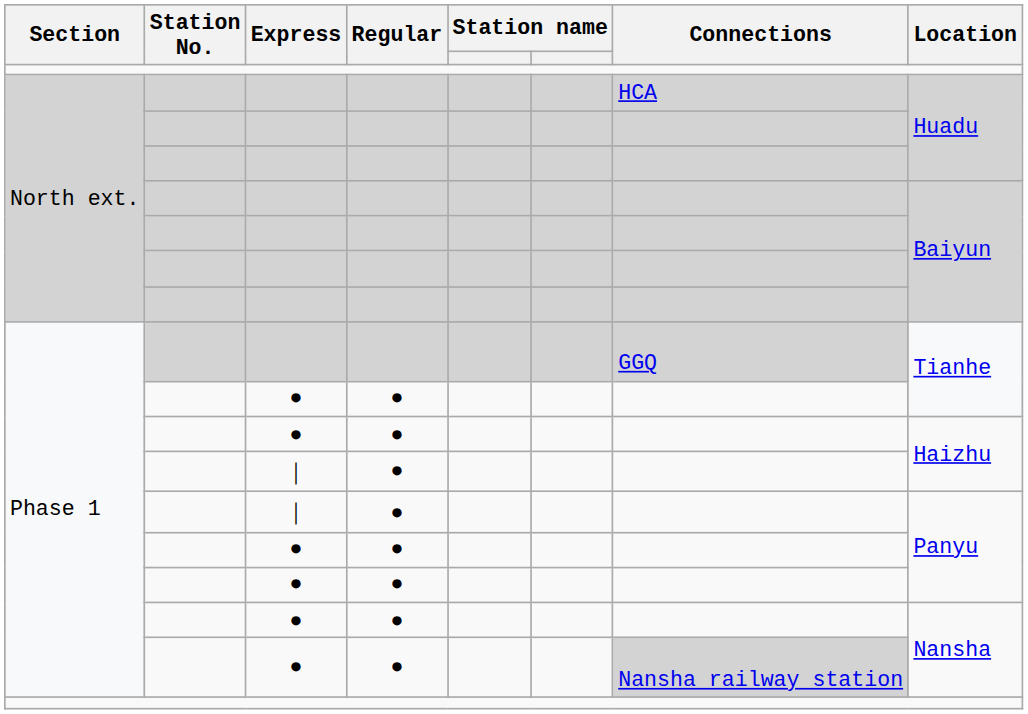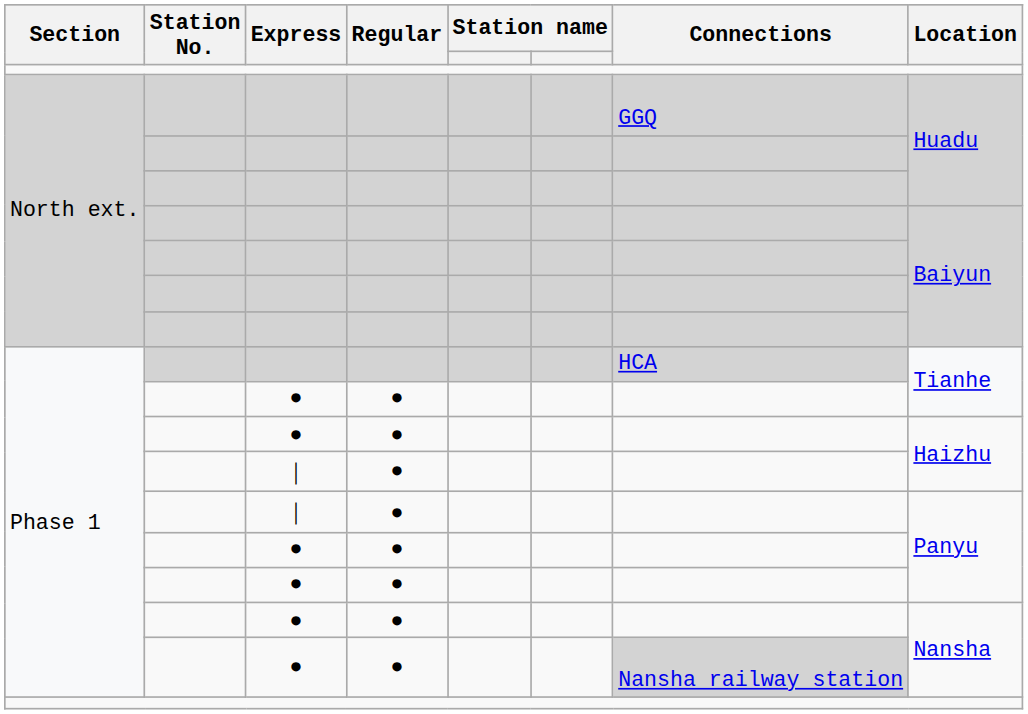 <table class="wikitable">
 <tr>
 <th rowspan="2">Section</th>
 <th rowspan="2">Station<br>No.</th>
 <th rowspan="2">Express</th>
 <th rowspan="2">Regular<br></th>
 <th colspan="2">Station name</th>
 <th rowspan="2">Connections<br></th>
 <th rowspan="2">Location</th>
 </tr>
 <tr>
 <th></th>
 <th></th>
 </tr>
 <tr style="background:#">
 <td colspan="12"></td>
 </tr>
 <tr bgcolor="lightgrey">
 <td rowspan="7">North ext.</td>
 <td></td>
 <td align="center"></td>
 <td align="center"><br> </td>
 <td></td>
 <td></td>
-<td> <a href='#'>HCA</a> <br> </td>
+<td>     <br> <a href='#'>GGQ</a><br> </td>
 <td rowspan="3"><a href='#'>Huadu</a></td>
 </tr>
 <tr bgcolor="lightgrey">
 <td></td>
 <td align="center"></td>
 <td align="center"><br> </td>
 <td></td>
 <td></td>
 <td> <br> </td>
 </tr>
 <tr bgcolor="lightgrey">
 <td></td>
 <td align="center"></td>
 <td align="center"><br> </td>
 <td></td>
 <td><br> </td>
 <td></td>
 </tr>
 <tr bgcolor="lightgrey">
 <td></td>
 <td align="center"></td>
 <td align="center"><br> </td>
 <td></td>
 <td></td>
 <td><br> </td>
 <td rowspan="4"><a href='#'>Baiyun</a></td>
 </tr>
 <tr bgcolor="lightgrey">
 <td></td>
 <td align="center"></td>
 <td align="center"><br> </td>
 <td></td>
 <td></td>
 <td><br> </td>
 </tr>
 <tr bgcolor="lightgrey">
 <td></td>
 <td align="center"></td>
 <td align="center"><br> </td>
 <td></td>
 <td></td>
 <td> <br> </td>
 </tr>
 <tr bgcolor="lightgrey">
 <td></td>
 <td align="center"></td>
 <td align="center"><br> </td>
 <td></td>
 <td></td>
 <td><br> </td>
 </tr>
 <tr bgcolor="lightgrey">
 <td bgcolor="F8F9FA" rowspan="9">Phase 1</td>
 <td></td>
 <td align="center"></td>
 <td align="center"><br> </td>
 <td></td>
 <td></td>
-<td>     <br> <a href='#'>GGQ</a><br> </td>
+<td> <a href='#'>HCA</a> <br> </td>
 <td bgcolor="F8F9FA" rowspan="2"><a href='#'>Tianhe</a></td>
 </tr>
 <tr>
 <td></td>
 <td align="center">●</td>
 <td align="center">●<br> </td>
 <td></td>
 <td></td>
 <td><br> </td>
 </tr>
 <tr>
 <td></td>
 <td align="center">●</td>
 <td align="center">●<br> </td>
 <td></td>
 <td></td>
 <td> <br> </td>
 <td rowspan=2><a href='#'>Haizhu</a></td>
 </tr>
 <tr>
 <td></td>
 <td align="center">｜</td>
 <td align="center">●<br> </td>
 <td></td>
 <td></td>
 <td> <br> </td>
 </tr>
 <tr>
 <td></td>
 <td align="center">｜</td>
 <td align="center">●<br> </td>
 <td></td>
 <td></td>
 <td><br> </td>
 <td rowspan=3><a href='#'>Panyu</a></td>
 </tr>
 <tr>
 <td></td>
 <td align="center">●</td>
 <td align="center">●<br> </td>
 <td></td>
 <td></td>
 <td> <br> </td>
 </tr>
 <tr>
 <td></td>
 <td align="center">●</td>
 <td align="center">●<br> </td>
 <td></td>
 <td></td>
 <td>   <br> </td>
 </tr>
 <tr>
 <td></td>
 <td align="center">●</td>
 <td align="center">●<br> </td>
 <td></td>
 <td></td>
 <td><br> </td>
 <td rowspan=2><a href='#'>Nansha</a></td>
 </tr>
 <tr>
 <td></td>
 <td align="center">●</td>
 <td align="center">●<br> </td>
 <td></td>
 <td></td>
 <td style="background: lightgrey;"><br> <a href='#'>Nansha railway station</a><br> </td>
 </tr>
 <tr style="background:#">
 <td colspan="12"></td>
 </tr>
 </table>
